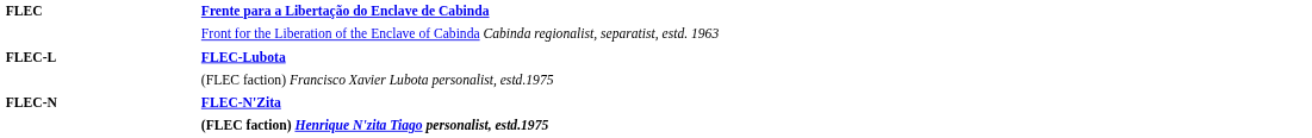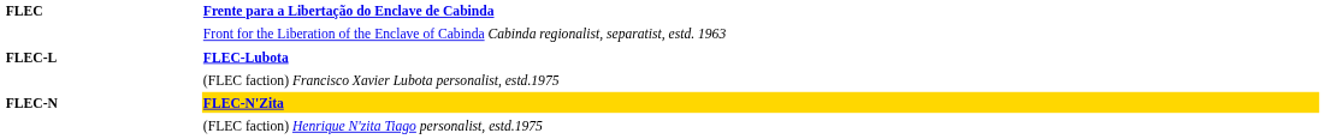 <table style="margin:0 auto;" id=toc cellpadding=1>
 <tr>
 <th width="7%"></th>
 <th width="40%"></th>
 </tr>
 <tr valign=top>
 <td rowspan="2"><small><strong>FLEC</strong></small></td>
 <td><small><strong><a href='#'>Frente para a Libertação do Enclave de Cabinda</a></strong></small></td>
 </tr>
 <tr>
 <td><small><a href='#'>Front for the Liberation of the Enclave of Cabinda</a> <em>Cabinda regionalist, separatist, estd. 1963</em></small></td>
 </tr>
 <tr valign=top>
 <td rowspan="2"><small><strong>FLEC-L</strong></small></td>
 <td><small><strong><a href='#'>FLEC-Lubota</a></strong></small></td>
 </tr>
 <tr valign=top>
 <td><small>(FLEC faction) <em>Francisco Xavier Lubota personalist, estd.1975</em></small></td>
 </tr>
 <tr>
 <td rowspan="2" valign=top><small><strong>FLEC-N</strong></small></td>
-<td><small><strong><a href='#'>FLEC-N'Zita</a></strong></small></td>
+<td style="background: gold;"><small><strong><a href='#'>FLEC-N'Zita</a></strong></small></td>
 </tr>
 <tr valign=top>
-<td><strong><small>(FLEC faction) <em><a href='#'>Henrique N'zita Tiago</a> personalist, estd.1975</em></small></strong></td>
+<td><small>(FLEC faction) <em><a href='#'>Henrique N'zita Tiago</a> personalist, estd.1975</em></small></td>
 </tr>
 <tr>
 </tr>
 </table>
